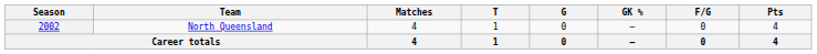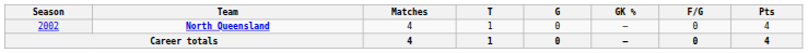 <table class="wikitable sortable"  style="font-size:90%; text-align:center; width:85%;">
 <tr>
 <th width=2%>Season</th>
 <th width=8%>Team</th>
 <th width=2%>Matches</th>
 <th width=2%>T</th>
 <th width=2%>G</th>
 <th width=2%>GK %</th>
 <th width=2%>F/G</th>
 <th width=2%>Pts</th>
 </tr>
 <tr>
 <th scope="row" style="text-align:center; font-weight:normal"><a href='#'>2002</a></th>
-<td style="text-align:center;"> <a href='#'>North Queensland</a></td>
+<td style="text-align:center;"><strong> <a href='#'>North Queensland</a></strong></td>
 <td>4</td>
 <td>1</td>
 <td>0</td>
 <td>—</td>
 <td>0</td>
 <td>4</td>
 </tr>
 <tr class="sortbottom">
 <th colspan=2>Career totals</th>
 <th>4</th>
 <th>1</th>
 <th>0</th>
 <th>—</th>
 <th>0</th>
 <th>4</th>
 </tr>
 </table>
